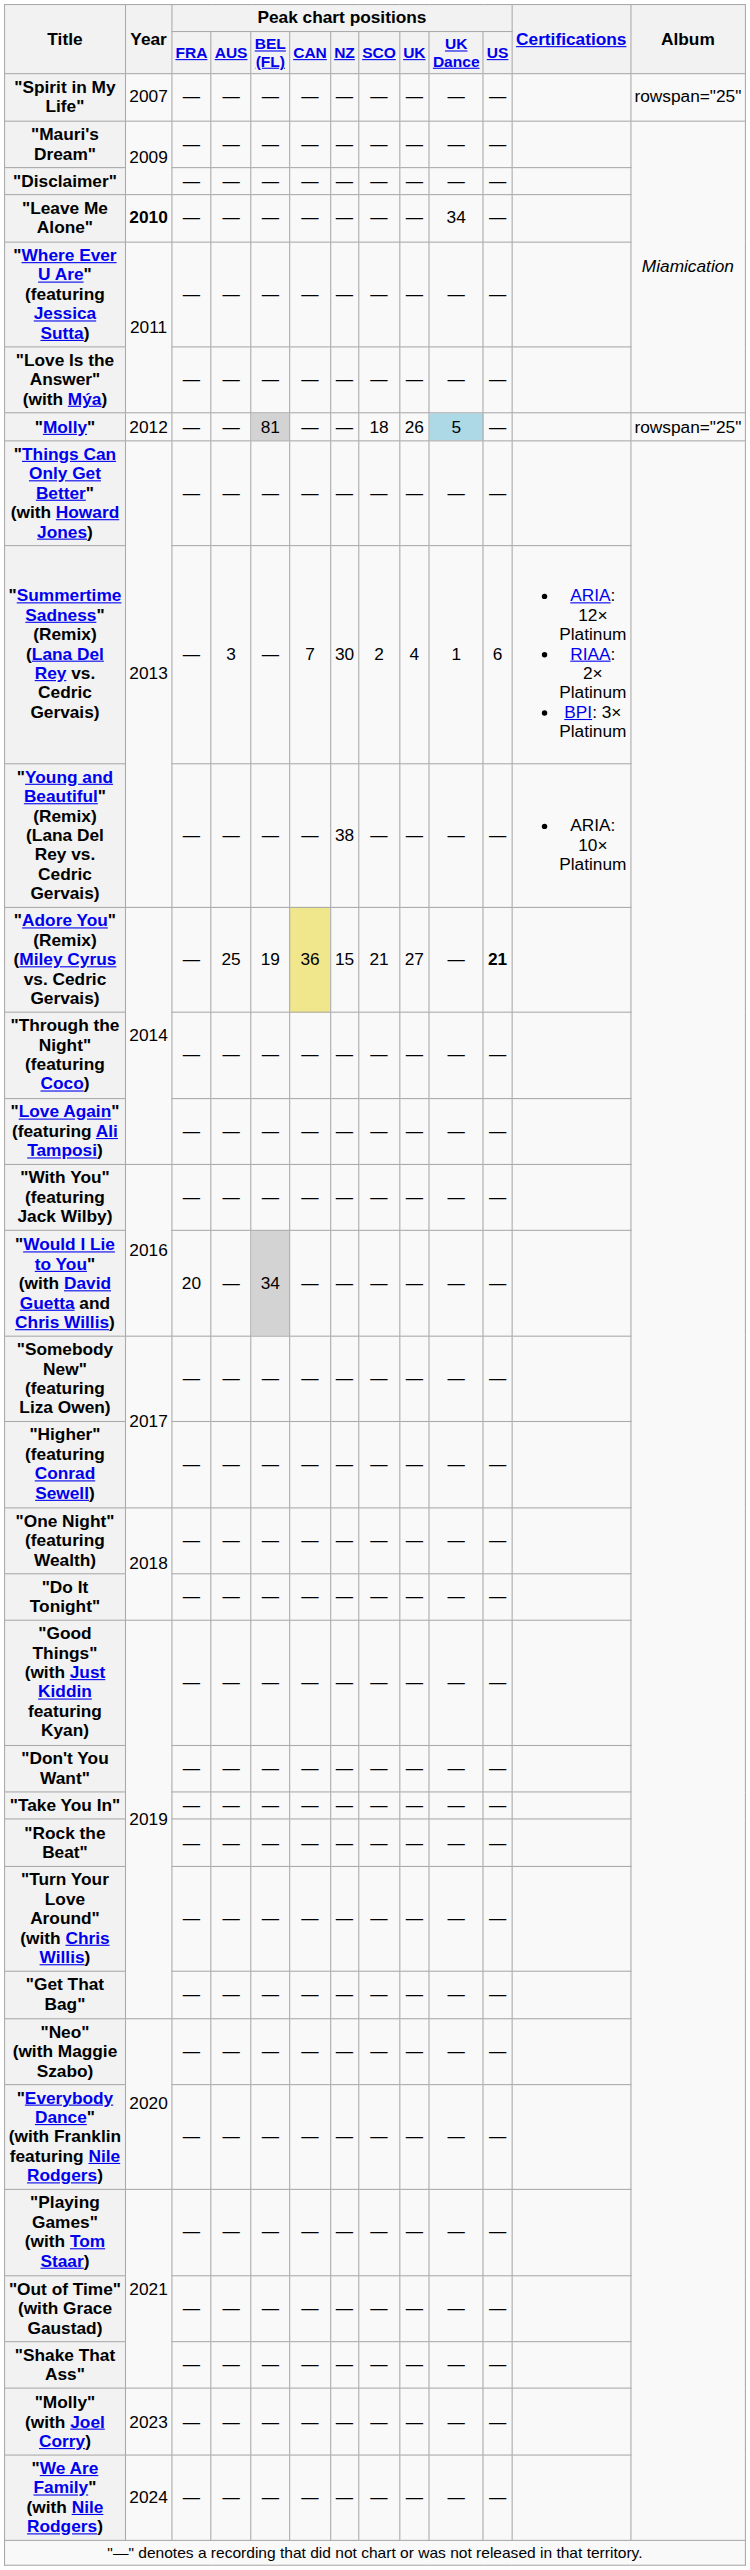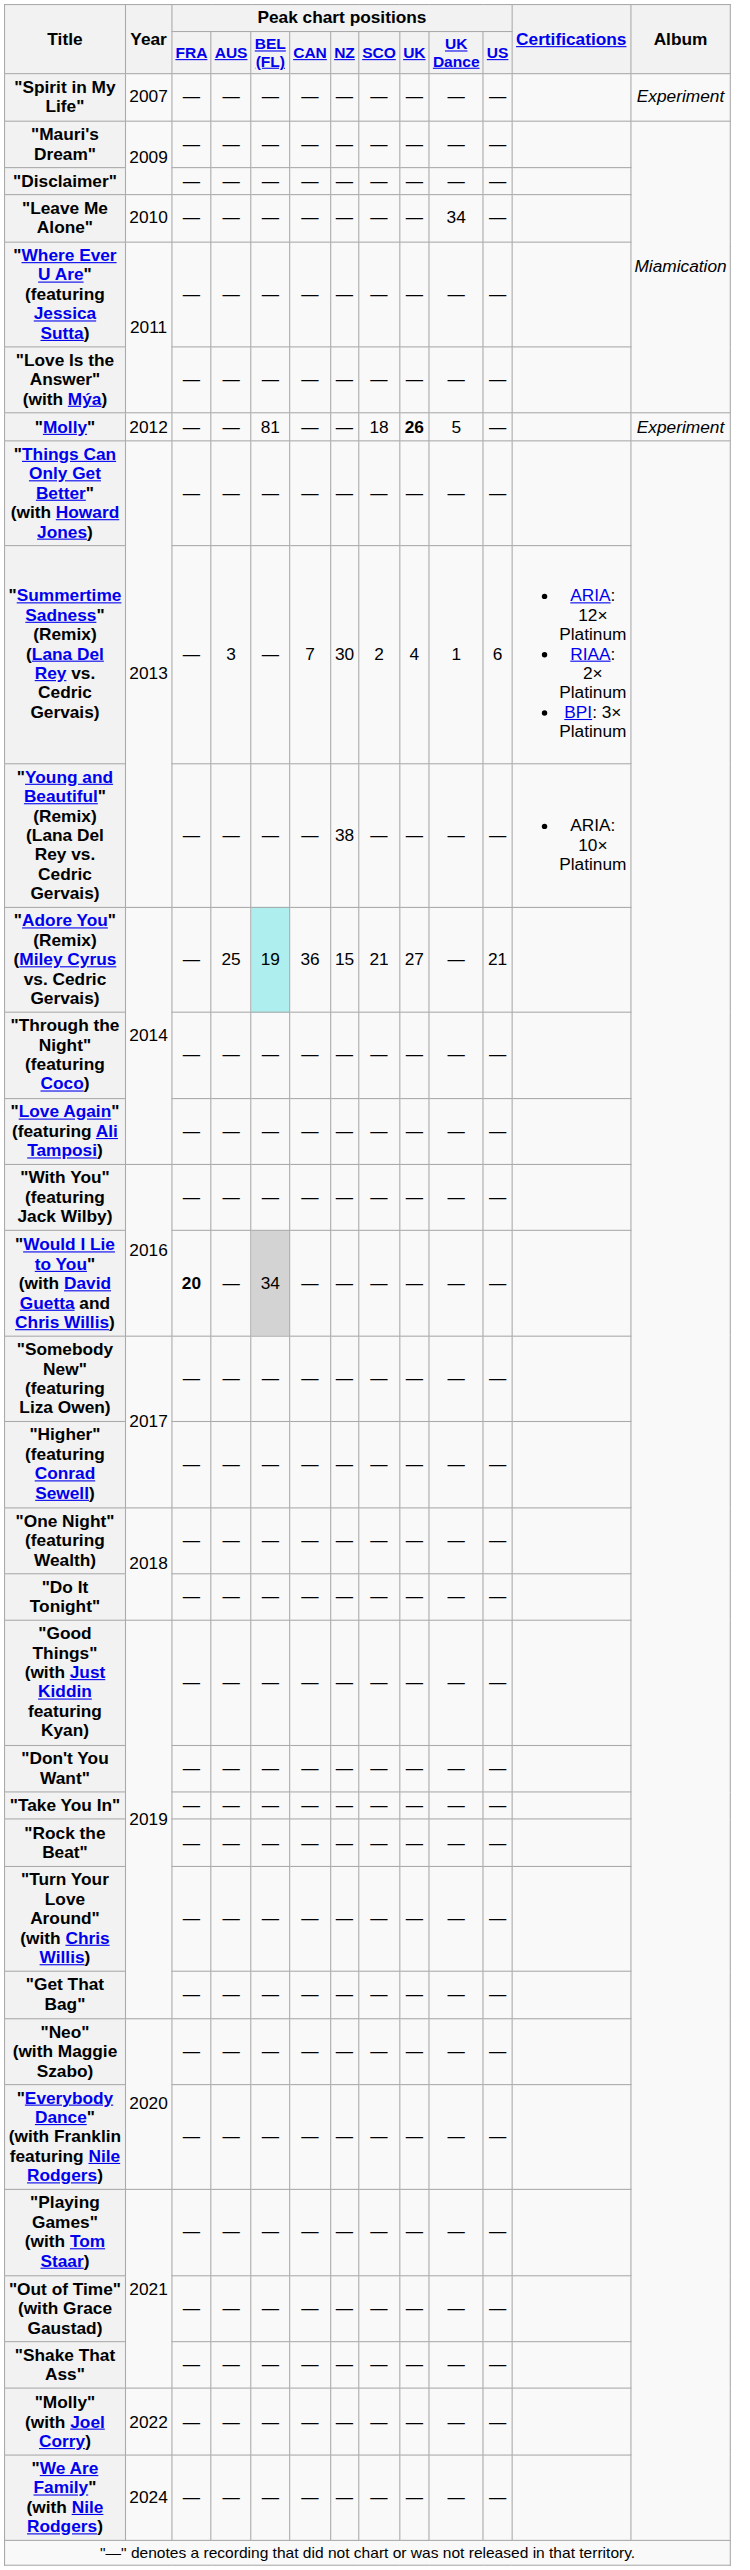 <table class="wikitable plainrowheaders" style="text-align:center;">
 <tr>
 <th scope="col" rowspan="2" style="width:16em;">Title</th>
 <th scope="col" rowspan="2">Year</th>
 <th scope="col" colspan="9">Peak chart positions</th>
 <th scope="col" rowspan="2" style="width:12em;"><a href='#'>Certifications</a></th>
 <th scope="col" rowspan="2">Album</th>
 </tr>
 <tr>
 <th scope="col" style="width:3em;font-size:90%;"><a href='#'>FRA</a></th>
 <th scope="col" style="width:3em;font-size:90%;"><a href='#'>AUS</a><br></th>
 <th scope="col" style="width:3em;font-size:90%;"><a href='#'>BEL<br>(FL)</a><br></th>
 <th scope="col" style="width:3em;font-size:90%;"><a href='#'>CAN</a><br></th>
 <th scope="col" style="width:3em;font-size:90%;"><a href='#'>NZ</a><br></th>
 <th scope="col" style="width:3em;font-size:90%;"><a href='#'>SCO</a><br></th>
 <th scope="col" style="width:3em;font-size:90%;"><a href='#'>UK</a><br></th>
 <th scope="col" style="width:3em;font-size:90%;"><a href='#'>UK Dance</a><br></th>
 <th scope="col" style="width:3em;font-size:90%;"><a href='#'>US</a><br></th>
 </tr>
 <tr>
 <th scope="row">"Spirit in My Life"</th>
 <td>2007</td>
 <td>—</td>
 <td>—</td>
 <td>—</td>
 <td>—</td>
 <td>—</td>
 <td>—</td>
 <td>—</td>
 <td>—</td>
 <td>—</td>
 <td></td>
-<td>rowspan="25" </td>
+<td><em>Experiment</em></td>
 </tr>
 <tr>
 <th scope="row">"Mauri's Dream"</th>
 <td rowspan="2">2009</td>
 <td>—</td>
 <td>—</td>
 <td>—</td>
 <td>—</td>
 <td>—</td>
 <td>—</td>
 <td>—</td>
 <td>—</td>
 <td>—</td>
 <td></td>
 <td rowspan="5"><em>Miamication</em></td>
 </tr>
 <tr>
 <th scope="row">"Disclaimer"</th>
 <td>—</td>
 <td>—</td>
 <td>—</td>
 <td>—</td>
 <td>—</td>
 <td>—</td>
 <td>—</td>
 <td>—</td>
 <td>—</td>
 <td></td>
 </tr>
 <tr>
 <th scope="row">"Leave Me Alone"</th>
-<td><strong>2010</strong></td>
+<td>2010</td>
 <td>—</td>
 <td>—</td>
 <td>—</td>
 <td>—</td>
 <td>—</td>
 <td>—</td>
 <td>—</td>
 <td>34</td>
 <td>—</td>
 <td></td>
 </tr>
 <tr>
 <th scope="row">"<a href='#'>Where Ever U Are</a>"<br><span>(featuring <a href='#'>Jessica Sutta</a>)</span></th>
 <td rowspan="2">2011</td>
 <td>—</td>
 <td>—</td>
 <td>—</td>
 <td>—</td>
 <td>—</td>
 <td>—</td>
 <td>—</td>
 <td>—</td>
 <td>—</td>
 <td></td>
 </tr>
 <tr>
 <th scope="row">"Love Is the Answer"<br><span>(with <a href='#'>Mýa</a>)</span></th>
 <td>—</td>
 <td>—</td>
 <td>—</td>
 <td>—</td>
 <td>—</td>
 <td>—</td>
 <td>—</td>
 <td>—</td>
 <td>—</td>
 <td></td>
 </tr>
 <tr>
 <th scope="row">"<a href='#'>Molly</a>"</th>
 <td>2012</td>
 <td>—</td>
 <td>—</td>
-<td style="background: lightgrey;">81</td>
+<td>81</td>
 <td>—</td>
 <td>—</td>
 <td>18</td>
-<td>26</td>
-<td style="background: lightblue;">5</td>
+<td><strong>26</strong></td>
+<td>5</td>
 <td>—</td>
 <td></td>
-<td>rowspan="25" </td>
+<td><em>Experiment</em></td>
 </tr>
 <tr>
 <th scope="row">"<a href='#'>Things Can Only Get Better</a>"<br><span>(with <a href='#'>Howard Jones</a>)</span></th>
 <td rowspan="3">2013</td>
 <td>—</td>
 <td>—</td>
 <td>—</td>
 <td>—</td>
 <td>—</td>
 <td>—</td>
 <td>—</td>
 <td>—</td>
 <td>—</td>
 <td></td>
 </tr>
 <tr>
 <th scope="row">"<a href='#'>Summertime Sadness</a>" (Remix)<br><span>(<a href='#'>Lana Del Rey</a> vs. Cedric Gervais)</span></th>
 <td>—</td>
 <td>3</td>
 <td>—</td>
 <td>7</td>
 <td>30</td>
 <td>2</td>
 <td>4</td>
 <td>1</td>
 <td>6</td>
 <td><br><ul><li><a href='#'>ARIA</a>: 12× Platinum</li><li><a href='#'>RIAA</a>: 2× Platinum</li><li><a href='#'>BPI</a>: 3× Platinum</li></ul></td>
 </tr>
 <tr>
 <th scope="row">"<a href='#'>Young and Beautiful</a>" (Remix)<br><span>(Lana Del Rey vs. Cedric Gervais)</span></th>
 <td>—</td>
 <td>—</td>
 <td>—</td>
 <td>—</td>
 <td>38</td>
 <td>—</td>
 <td>—</td>
 <td>—</td>
 <td>—</td>
 <td><br><ul><li>ARIA: 10× Platinum</li></ul></td>
 </tr>
 <tr>
 <th scope="row">"<a href='#'>Adore You</a>" (Remix)<br><span>(<a href='#'>Miley Cyrus</a> vs. Cedric Gervais)</span></th>
 <td rowspan="3">2014</td>
 <td>—</td>
 <td>25</td>
-<td>19</td>
-<td style="background: khaki;">36</td>
+<td style="background: paleturquoise;">19</td>
+<td>36</td>
 <td>15</td>
 <td>21</td>
 <td>27</td>
 <td>—</td>
-<td><strong>21</strong></td>
+<td>21</td>
 <td></td>
 </tr>
 <tr>
 <th scope="row">"Through the Night"<br><span>(featuring <a href='#'>Coco</a>)</span></th>
 <td>—</td>
 <td>—</td>
 <td>—</td>
 <td>—</td>
 <td>—</td>
 <td>—</td>
 <td>—</td>
 <td>—</td>
 <td>—</td>
 <td></td>
 </tr>
 <tr>
 <th scope="row">"<a href='#'>Love Again</a>"<br><span>(featuring <a href='#'>Ali Tamposi</a>)</span></th>
 <td>—</td>
 <td>—</td>
 <td>—</td>
 <td>—</td>
 <td>—</td>
 <td>—</td>
 <td>—</td>
 <td>—</td>
 <td>—</td>
 <td></td>
 </tr>
 <tr>
 <th scope="row">"With You"<br><span>(featuring Jack Wilby)</span></th>
 <td rowspan="2">2016</td>
 <td>—</td>
 <td>—</td>
 <td>—</td>
 <td>—</td>
 <td>—</td>
 <td>—</td>
 <td>—</td>
 <td>—</td>
 <td>—</td>
 <td></td>
 </tr>
 <tr>
 <th scope="row">"<a href='#'>Would I Lie to You</a>"<br><span>(with <a href='#'>David Guetta</a> and <a href='#'>Chris Willis</a>)</span></th>
-<td>20</td>
+<td><strong>20</strong></td>
 <td>—</td>
 <td style="background: lightgrey;">34</td>
 <td>—</td>
 <td>—</td>
 <td>—</td>
 <td>—</td>
 <td>—</td>
 <td>—</td>
 <td></td>
 </tr>
 <tr>
 <th scope="row">"Somebody New"<br><span>(featuring Liza Owen)</span></th>
 <td rowspan="2">2017</td>
 <td>—</td>
 <td>—</td>
 <td>—</td>
 <td>—</td>
 <td>—</td>
 <td>—</td>
 <td>—</td>
 <td>—</td>
 <td>—</td>
 <td></td>
 </tr>
 <tr>
 <th scope="row">"Higher"<br><span>(featuring <a href='#'>Conrad Sewell</a>)</span></th>
 <td>—</td>
 <td>—</td>
 <td>—</td>
 <td>—</td>
 <td>—</td>
 <td>—</td>
 <td>—</td>
 <td>—</td>
 <td>—</td>
 <td></td>
 </tr>
 <tr>
 <th scope="row">"One Night" <br><span>(featuring Wealth)</span></th>
 <td rowspan="2">2018</td>
 <td>—</td>
 <td>—</td>
 <td>—</td>
 <td>—</td>
 <td>—</td>
 <td>—</td>
 <td>—</td>
 <td>—</td>
 <td>—</td>
 <td></td>
 </tr>
 <tr>
 <th scope="row">"Do It Tonight"</th>
 <td>—</td>
 <td>—</td>
 <td>—</td>
 <td>—</td>
 <td>—</td>
 <td>—</td>
 <td>—</td>
 <td>—</td>
 <td>—</td>
 <td></td>
 </tr>
 <tr>
 <th scope="row">"Good Things" <br><span>(with <a href='#'>Just Kiddin</a> featuring Kyan)</span></th>
 <td rowspan="6">2019</td>
 <td>—</td>
 <td>—</td>
 <td>—</td>
 <td>—</td>
 <td>—</td>
 <td>—</td>
 <td>—</td>
 <td>—</td>
 <td>—</td>
 <td></td>
 </tr>
 <tr>
 <th scope="row">"Don't You Want"</th>
 <td>—</td>
 <td>—</td>
 <td>—</td>
 <td>—</td>
 <td>—</td>
 <td>—</td>
 <td>—</td>
 <td>—</td>
 <td>—</td>
 <td></td>
 </tr>
 <tr>
 <th scope="row">"Take You In"</th>
 <td>—</td>
 <td>—</td>
 <td>—</td>
 <td>—</td>
 <td>—</td>
 <td>—</td>
 <td>—</td>
 <td>—</td>
 <td>—</td>
 <td></td>
 </tr>
 <tr>
 <th scope="row">"Rock the Beat"</th>
 <td>—</td>
 <td>—</td>
 <td>—</td>
 <td>—</td>
 <td>—</td>
 <td>—</td>
 <td>—</td>
 <td>—</td>
 <td>—</td>
 <td></td>
 </tr>
 <tr>
 <th scope="row">"Turn Your Love Around" <br><span>(with <a href='#'>Chris Willis</a>)</span></th>
 <td>—</td>
 <td>—</td>
 <td>—</td>
 <td>—</td>
 <td>—</td>
 <td>—</td>
 <td>—</td>
 <td>—</td>
 <td>—</td>
 <td></td>
 </tr>
 <tr>
 <th scope="row">"Get That Bag"</th>
 <td>—</td>
 <td>—</td>
 <td>—</td>
 <td>—</td>
 <td>—</td>
 <td>—</td>
 <td>—</td>
 <td>—</td>
 <td>—</td>
 <td></td>
 </tr>
 <tr>
 <th scope="row">"Neo" <br><span>(with Maggie Szabo)</span></th>
 <td rowspan="2">2020</td>
 <td>—</td>
 <td>—</td>
 <td>—</td>
 <td>—</td>
 <td>—</td>
 <td>—</td>
 <td>—</td>
 <td>—</td>
 <td>—</td>
 <td></td>
 </tr>
 <tr>
 <th scope="row">"<a href='#'>Everybody Dance</a>" <br><span>(with Franklin featuring <a href='#'>Nile Rodgers</a>)</span></th>
 <td>—</td>
 <td>—</td>
 <td>—</td>
 <td>—</td>
 <td>—</td>
 <td>—</td>
 <td>—</td>
 <td>—</td>
 <td>—</td>
 <td></td>
 </tr>
 <tr>
 <th scope="row">"Playing Games" <br><span>(with <a href='#'>Tom Staar</a>)</span></th>
 <td rowspan="3">2021</td>
 <td>—</td>
 <td>—</td>
 <td>—</td>
 <td>—</td>
 <td>—</td>
 <td>—</td>
 <td>—</td>
 <td>—</td>
 <td>—</td>
 <td></td>
 </tr>
 <tr>
 <th scope="row">"Out of Time" <br><span>(with Grace Gaustad)</span></th>
 <td>—</td>
 <td>—</td>
 <td>—</td>
 <td>—</td>
 <td>—</td>
 <td>—</td>
 <td>—</td>
 <td>—</td>
 <td>—</td>
 <td></td>
 </tr>
 <tr>
 <th scope="row">"Shake That Ass"</th>
 <td>—</td>
 <td>—</td>
 <td>—</td>
 <td>—</td>
 <td>—</td>
 <td>—</td>
 <td>—</td>
 <td>—</td>
 <td>—</td>
 <td></td>
 </tr>
 <tr>
 <th scope="row">"Molly" <br><span>(with <a href='#'>Joel Corry</a>)</span></th>
-<td>2023</td>
+<td>2022</td>
 <td>—</td>
 <td>—</td>
 <td>—</td>
 <td>—</td>
 <td>—</td>
 <td>—</td>
 <td>—</td>
 <td>—</td>
 <td>—</td>
 <td></td>
 </tr>
 <tr>
 <th scope="row">"<a href='#'>We Are Family</a>" <br><span>(with <a href='#'>Nile Rodgers</a>)</span></th>
 <td>2024</td>
 <td>—</td>
 <td>—</td>
 <td>—</td>
 <td>—</td>
 <td>—</td>
 <td>—</td>
 <td>—</td>
 <td>—</td>
 <td>—</td>
 <td></td>
 </tr>
 <tr>
 <td colspan="16" style="font-size:90%">"—" denotes a recording that did not chart or was not released in that territory.</td>
 </tr>
 </table>
